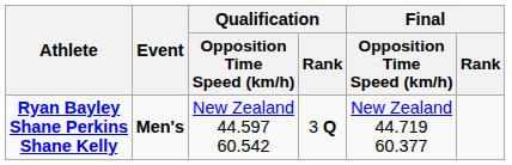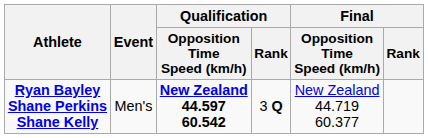 <table class="wikitable" style="font-size:90%;text-align:center">
 <tr>
 <th rowspan=2>Athlete</th>
 <th rowspan=2>Event</th>
 <th colspan=2>Qualification</th>
 <th colspan=2>Final</th>
 </tr>
 <tr style="font-size:95%">
 <th>Opposition<br>Time<br>Speed (km/h)</th>
 <th>Rank</th>
 <th>Opposition<br>Time<br>Speed (km/h)</th>
 <th>Rank</th>
 </tr>
 <tr>
 <td><strong><a href='#'>Ryan Bayley</a><br><a href='#'>Shane Perkins</a><br><a href='#'>Shane Kelly</a></strong></td>
-<td><strong>Men's</strong></td>
-<td> <a href='#'>New Zealand</a><br>44.597<br>60.542</td>
+<td>Men's</td>
+<td><strong> <a href='#'>New Zealand</a><br>44.597<br>60.542</strong></td>
 <td>3 <strong>Q</strong></td>
 <td> <a href='#'>New Zealand</a><br>44.719<br>60.377</td>
 <td></td>
 </tr>
 </table>
